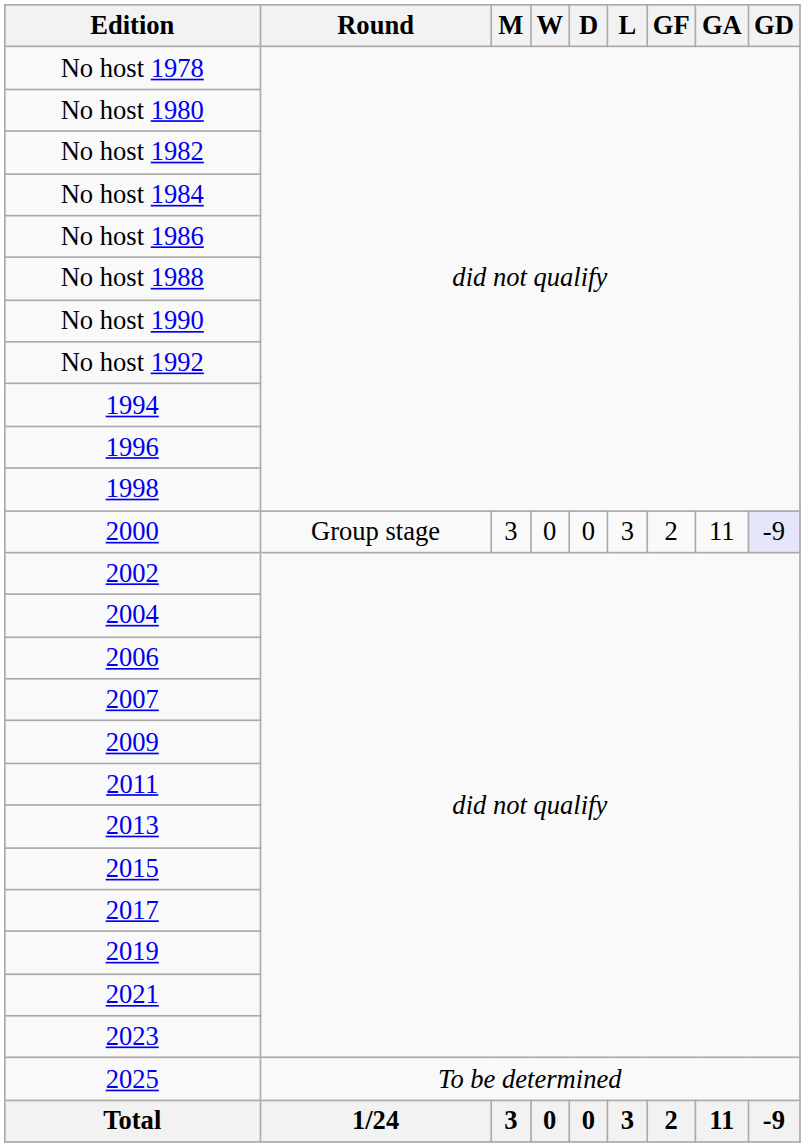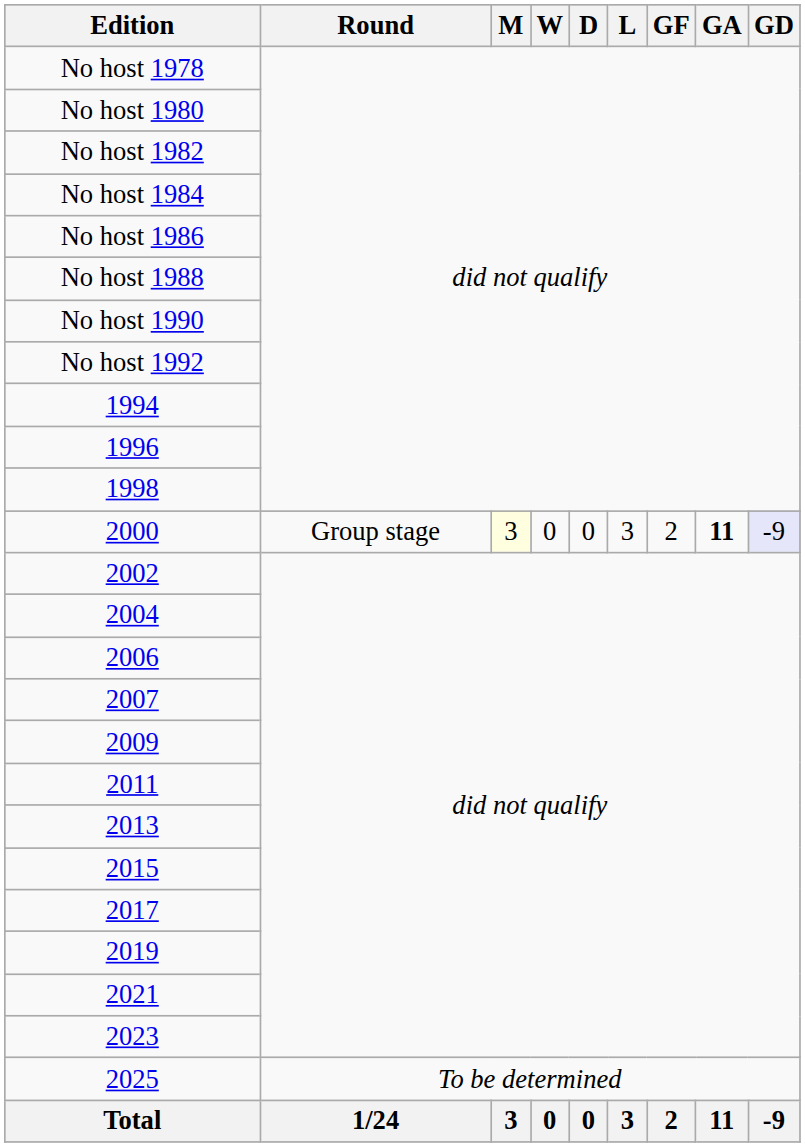 <table class="wikitable" style="text-align:center; width:30em;">
 <tr>
 <th>Edition</th>
 <th>Round</th>
 <th style="width:1em;">M</th>
 <th style="width:1em;">W</th>
 <th style="width:1em;">D</th>
 <th style="width:1em;">L</th>
 <th style="width:1em;">GF</th>
 <th style="width:1em;">GA</th>
 <th style="width:1em;">GD</th>
 </tr>
 <tr>
 <td>No host <a href='#'>1978</a></td>
 <td rowspan=11 colspan=8><em>did not qualify</em></td>
 </tr>
 <tr>
 <td>No host <a href='#'>1980</a></td>
 </tr>
 <tr>
 <td>No host <a href='#'>1982</a></td>
 </tr>
 <tr>
 <td>No host <a href='#'>1984</a></td>
 </tr>
 <tr>
 <td>No host <a href='#'>1986</a></td>
 </tr>
 <tr>
 <td>No host <a href='#'>1988</a></td>
 </tr>
 <tr>
 <td>No host <a href='#'>1990</a></td>
 </tr>
 <tr>
 <td>No host <a href='#'>1992</a></td>
 </tr>
 <tr>
 <td> <a href='#'>1994</a></td>
 </tr>
 <tr>
 <td> <a href='#'>1996</a></td>
 </tr>
 <tr>
 <td> <a href='#'>1998</a></td>
 </tr>
 <tr>
 <td> <a href='#'>2000</a></td>
 <td>Group stage</td>
-<td>3</td>
+<td style="background: lightyellow;">3</td>
 <td>0</td>
 <td>0</td>
 <td>3</td>
 <td>2</td>
-<td>11</td>
+<td><strong>11</strong></td>
 <td style="background: lavender;">-9</td>
 </tr>
 <tr>
 <td> <a href='#'>2002</a></td>
 <td rowspan=12 colspan=10><em>did not qualify</em></td>
 </tr>
 <tr>
 <td> <a href='#'>2004</a></td>
 </tr>
 <tr>
 <td> <a href='#'>2006</a></td>
 </tr>
 <tr>
 <td> <a href='#'>2007</a></td>
 </tr>
 <tr>
 <td> <a href='#'>2009</a></td>
 </tr>
 <tr>
 <td> <a href='#'>2011</a></td>
 </tr>
 <tr>
 <td> <a href='#'>2013</a></td>
 </tr>
 <tr>
 <td> <a href='#'>2015</a></td>
 </tr>
 <tr>
 <td> <a href='#'>2017</a></td>
 </tr>
 <tr>
 <td>  <a href='#'>2019</a></td>
 </tr>
 <tr>
 <td>  <a href='#'>2021</a></td>
 </tr>
 <tr>
 <td>  <a href='#'>2023</a></td>
 </tr>
 <tr>
 <td> <a href='#'>2025</a></td>
 <td colspan=8 rowspan=1><em>To be determined</em></td>
 </tr>
 <tr>
 <th><strong>Total</strong></th>
 <th>1/24</th>
 <th>3</th>
 <th>0</th>
 <th>0</th>
 <th>3</th>
 <th>2</th>
 <th>11</th>
 <th>-9</th>
 </tr>
 </table>
